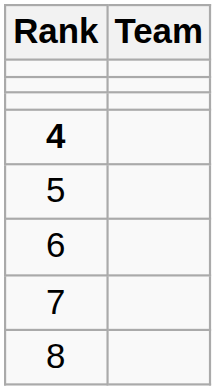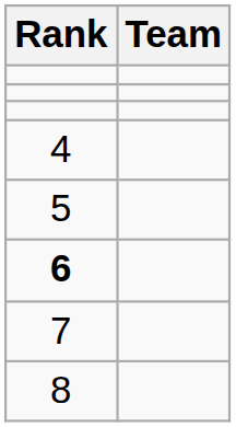 <table class="wikitable" border="1">
 <tr>
 <th>Rank</th>
 <th>Team</th>
 </tr>
 <tr>
 <td align=center></td>
 <td></td>
 </tr>
 <tr>
 <td align=center></td>
 <td></td>
 </tr>
 <tr>
 <td align=center></td>
 <td></td>
 </tr>
 <tr>
-<td align=center><strong>4</strong></td>
+<td align=center>4</td>
 <td></td>
 </tr>
 <tr>
 <td align=center>5</td>
 <td></td>
 </tr>
 <tr>
-<td align=center>6</td>
+<td align=center><strong>6</strong></td>
 <td></td>
 </tr>
 <tr>
 <td align=center>7</td>
 <td></td>
 </tr>
 <tr>
 <td align=center>8</td>
 <td></td>
 </tr>
 </table>
